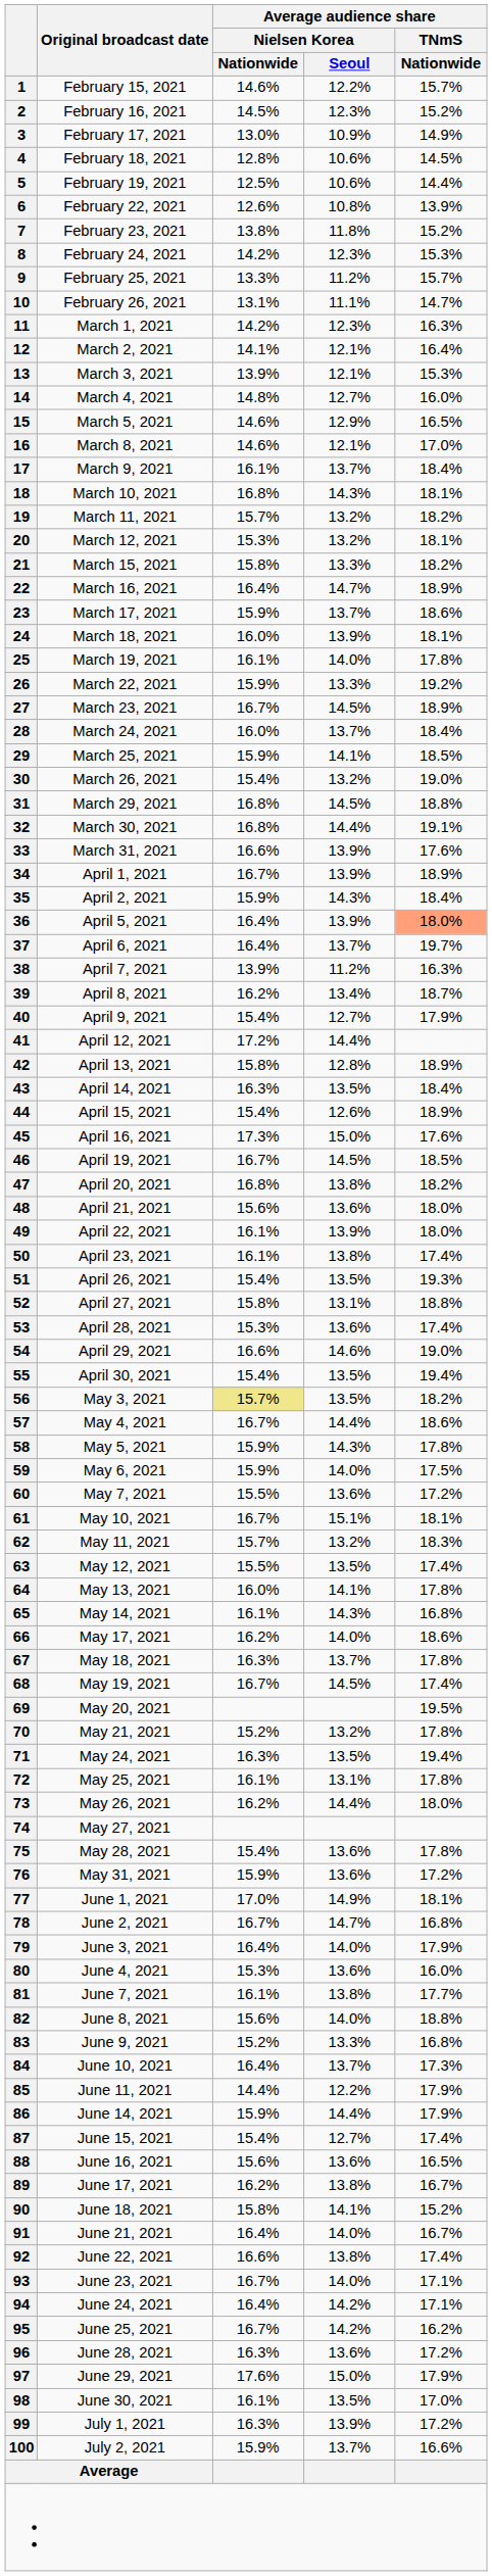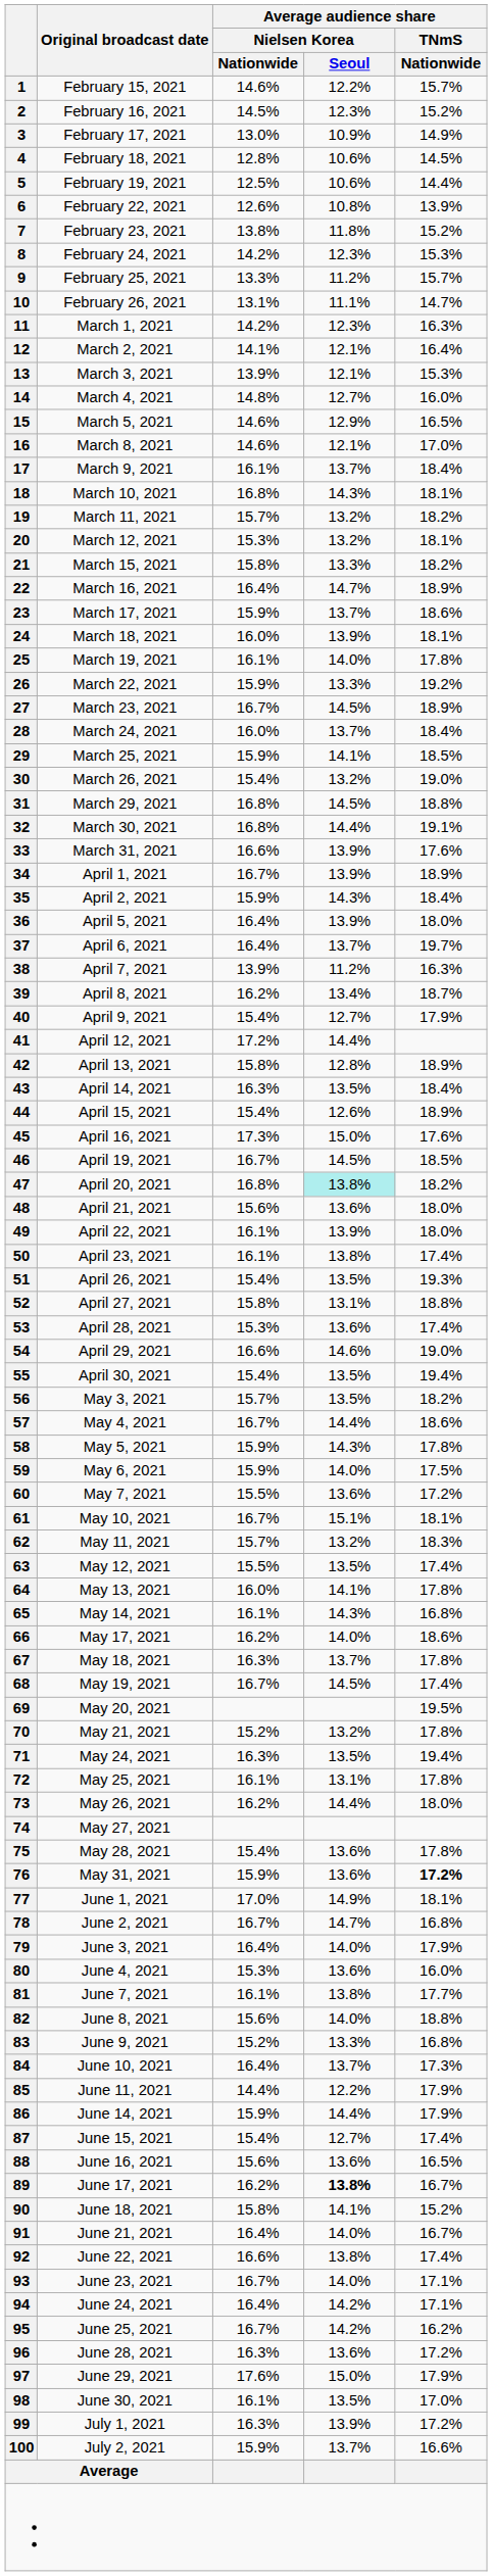 <table class="wikitable" style="text-align:center;max-width:550px; margin-left: auto; margin-right: auto; border: none;">
 <tr>
 <th rowspan="3"></th>
 <th rowspan="3">Original broadcast date</th>
 <th colspan="3">Average audience share</th>
 </tr>
 <tr>
 <th colspan="2">Nielsen Korea</th>
 <th>TNmS</th>
 </tr>
 <tr>
 <th width="90">Nationwide</th>
 <th width="90"><a href='#'>Seoul</a></th>
 <th width="90">Nationwide</th>
 </tr>
 <tr>
 <th>1</th>
 <td>February 15, 2021</td>
 <td>14.6%</td>
 <td>12.2%</td>
 <td>15.7%</td>
 </tr>
 <tr>
 <th>2</th>
 <td>February 16, 2021</td>
 <td>14.5%</td>
 <td>12.3%</td>
 <td>15.2%</td>
 </tr>
 <tr>
 <th>3</th>
 <td>February 17, 2021</td>
 <td>13.0%</td>
 <td>10.9%</td>
 <td>14.9%</td>
 </tr>
 <tr>
 <th>4</th>
 <td>February 18, 2021</td>
 <td>12.8%</td>
 <td>10.6%</td>
 <td>14.5%</td>
 </tr>
 <tr>
 <th>5</th>
 <td>February 19, 2021</td>
 <td>12.5%</td>
 <td>10.6%</td>
 <td>14.4%</td>
 </tr>
 <tr>
 <th>6</th>
 <td>February 22, 2021</td>
 <td>12.6%</td>
 <td>10.8%</td>
 <td>13.9%</td>
 </tr>
 <tr>
 <th>7</th>
 <td>February 23, 2021</td>
 <td>13.8%</td>
 <td>11.8%</td>
 <td>15.2%</td>
 </tr>
 <tr>
 <th>8</th>
 <td>February 24, 2021</td>
 <td>14.2%</td>
 <td>12.3%</td>
 <td>15.3%</td>
 </tr>
 <tr>
 <th>9</th>
 <td>February 25, 2021</td>
 <td>13.3%</td>
 <td>11.2%</td>
 <td>15.7%</td>
 </tr>
 <tr>
 <th>10</th>
 <td>February 26, 2021</td>
 <td>13.1%</td>
 <td>11.1%</td>
 <td>14.7%</td>
 </tr>
 <tr>
 <th>11</th>
 <td>March 1, 2021</td>
 <td>14.2%</td>
 <td>12.3%</td>
 <td>16.3%</td>
 </tr>
 <tr>
 <th>12</th>
 <td>March 2, 2021</td>
 <td>14.1%</td>
 <td>12.1%</td>
 <td>16.4%</td>
 </tr>
 <tr>
 <th>13</th>
 <td>March 3, 2021</td>
 <td>13.9%</td>
 <td>12.1%</td>
 <td>15.3%</td>
 </tr>
 <tr>
 <th>14</th>
 <td>March 4, 2021</td>
 <td>14.8%</td>
 <td>12.7%</td>
 <td>16.0%</td>
 </tr>
 <tr>
 <th>15</th>
 <td>March 5, 2021</td>
 <td>14.6%</td>
 <td>12.9%</td>
 <td>16.5%</td>
 </tr>
 <tr>
 <th>16</th>
 <td>March 8, 2021</td>
 <td>14.6%</td>
 <td>12.1%</td>
 <td>17.0%</td>
 </tr>
 <tr>
 <th>17</th>
 <td>March 9, 2021</td>
 <td>16.1%</td>
 <td>13.7%</td>
 <td>18.4%</td>
 </tr>
 <tr>
 <th>18</th>
 <td>March 10, 2021</td>
 <td>16.8%</td>
 <td>14.3%</td>
 <td>18.1%</td>
 </tr>
 <tr>
 <th>19</th>
 <td>March 11, 2021</td>
 <td>15.7%</td>
 <td>13.2%</td>
 <td>18.2%</td>
 </tr>
 <tr>
 <th>20</th>
 <td>March 12, 2021</td>
 <td>15.3%</td>
 <td>13.2%</td>
 <td>18.1%</td>
 </tr>
 <tr>
 <th>21</th>
 <td>March 15, 2021</td>
 <td>15.8%</td>
 <td>13.3%</td>
 <td>18.2%</td>
 </tr>
 <tr>
 <th>22</th>
 <td>March 16, 2021</td>
 <td>16.4%</td>
 <td>14.7%</td>
 <td>18.9%</td>
 </tr>
 <tr>
 <th>23</th>
 <td>March 17, 2021</td>
 <td>15.9%</td>
 <td>13.7%</td>
 <td>18.6%</td>
 </tr>
 <tr>
 <th>24</th>
 <td>March 18, 2021</td>
 <td>16.0%</td>
 <td>13.9%</td>
 <td>18.1%</td>
 </tr>
 <tr>
 <th>25</th>
 <td>March 19, 2021</td>
 <td>16.1%</td>
 <td>14.0%</td>
 <td>17.8%</td>
 </tr>
 <tr>
 <th>26</th>
 <td>March 22, 2021</td>
 <td>15.9%</td>
 <td>13.3%</td>
 <td>19.2%</td>
 </tr>
 <tr>
 <th>27</th>
 <td>March 23, 2021</td>
 <td>16.7%</td>
 <td>14.5%</td>
 <td>18.9%</td>
 </tr>
 <tr>
 <th>28</th>
 <td>March 24, 2021</td>
 <td>16.0%</td>
 <td>13.7%</td>
 <td>18.4%</td>
 </tr>
 <tr>
 <th>29</th>
 <td>March 25, 2021</td>
 <td>15.9%</td>
 <td>14.1%</td>
 <td>18.5%</td>
 </tr>
 <tr>
 <th>30</th>
 <td>March 26, 2021</td>
 <td>15.4%</td>
 <td>13.2%</td>
 <td>19.0%</td>
 </tr>
 <tr>
 <th>31</th>
 <td>March 29, 2021</td>
 <td>16.8%</td>
 <td>14.5%</td>
 <td>18.8%</td>
 </tr>
 <tr>
 <th>32</th>
 <td>March 30, 2021</td>
 <td>16.8%</td>
 <td>14.4%</td>
 <td>19.1%</td>
 </tr>
 <tr>
 <th>33</th>
 <td>March 31, 2021</td>
 <td>16.6%</td>
 <td>13.9%</td>
 <td>17.6%</td>
 </tr>
 <tr>
 <th>34</th>
 <td>April 1, 2021</td>
 <td>16.7%</td>
 <td>13.9%</td>
 <td>18.9%</td>
 </tr>
 <tr>
 <th>35</th>
 <td>April 2, 2021</td>
 <td>15.9%</td>
 <td>14.3%</td>
 <td>18.4%</td>
 </tr>
 <tr>
 <th>36</th>
 <td>April 5, 2021</td>
 <td>16.4%</td>
 <td>13.9%</td>
-<td style="background: lightsalmon;">18.0%</td>
+<td>18.0%</td>
 </tr>
 <tr>
 <th>37</th>
 <td>April 6, 2021</td>
 <td>16.4%</td>
 <td>13.7%</td>
 <td>19.7%</td>
 </tr>
 <tr>
 <th>38</th>
 <td>April 7, 2021</td>
 <td>13.9%</td>
 <td>11.2%</td>
 <td>16.3%</td>
 </tr>
 <tr>
 <th>39</th>
 <td>April 8, 2021</td>
 <td>16.2%</td>
 <td>13.4%</td>
 <td>18.7%</td>
 </tr>
 <tr>
 <th>40</th>
 <td>April 9, 2021</td>
 <td>15.4%</td>
 <td>12.7%</td>
 <td>17.9%</td>
 </tr>
 <tr>
 <th>41</th>
 <td>April 12, 2021</td>
 <td>17.2%</td>
 <td>14.4%</td>
 <td></td>
 </tr>
 <tr>
 <th>42</th>
 <td>April 13, 2021</td>
 <td>15.8%</td>
 <td>12.8%</td>
 <td>18.9%</td>
 </tr>
 <tr>
 <th>43</th>
 <td>April 14, 2021</td>
 <td>16.3%</td>
 <td>13.5%</td>
 <td>18.4%</td>
 </tr>
 <tr>
 <th>44</th>
 <td>April 15, 2021</td>
 <td>15.4%</td>
 <td>12.6%</td>
 <td>18.9%</td>
 </tr>
 <tr>
 <th>45</th>
 <td>April 16, 2021</td>
 <td>17.3%</td>
 <td>15.0%</td>
 <td>17.6%</td>
 </tr>
 <tr>
 <th>46</th>
 <td>April 19, 2021</td>
 <td>16.7%</td>
 <td>14.5%</td>
 <td>18.5%</td>
 </tr>
 <tr>
 <th>47</th>
 <td>April 20, 2021</td>
 <td>16.8%</td>
-<td>13.8%</td>
+<td style="background: paleturquoise;">13.8%</td>
 <td>18.2%</td>
 </tr>
 <tr>
 <th>48</th>
 <td>April 21, 2021</td>
 <td>15.6%</td>
 <td>13.6%</td>
 <td>18.0%</td>
 </tr>
 <tr>
 <th>49</th>
 <td>April 22, 2021</td>
 <td>16.1%</td>
 <td>13.9%</td>
 <td>18.0%</td>
 </tr>
 <tr>
 <th>50</th>
 <td>April 23, 2021</td>
 <td>16.1%</td>
 <td>13.8%</td>
 <td>17.4%</td>
 </tr>
 <tr>
 <th>51</th>
 <td>April 26, 2021</td>
 <td>15.4%</td>
 <td>13.5%</td>
 <td>19.3%</td>
 </tr>
 <tr>
 <th>52</th>
 <td>April 27, 2021</td>
 <td>15.8%</td>
 <td>13.1%</td>
 <td>18.8%</td>
 </tr>
 <tr>
 <th>53</th>
 <td>April 28, 2021</td>
 <td>15.3%</td>
 <td>13.6%</td>
 <td>17.4%</td>
 </tr>
 <tr>
 <th>54</th>
 <td>April 29, 2021</td>
 <td>16.6%</td>
 <td>14.6%</td>
 <td>19.0%</td>
 </tr>
 <tr>
 <th>55</th>
 <td>April 30, 2021</td>
 <td>15.4%</td>
 <td>13.5%</td>
 <td>19.4%</td>
 </tr>
 <tr>
 <th>56</th>
 <td>May 3, 2021</td>
-<td style="background: khaki;">15.7%</td>
+<td>15.7%</td>
 <td>13.5%</td>
 <td>18.2%</td>
 </tr>
 <tr>
 <th>57</th>
 <td>May 4, 2021</td>
 <td>16.7%</td>
 <td>14.4%</td>
 <td>18.6%</td>
 </tr>
 <tr>
 <th>58</th>
 <td>May 5, 2021</td>
 <td>15.9%</td>
 <td>14.3%</td>
 <td>17.8%</td>
 </tr>
 <tr>
 <th>59</th>
 <td>May 6, 2021</td>
 <td>15.9%</td>
 <td>14.0%</td>
 <td>17.5%</td>
 </tr>
 <tr>
 <th>60</th>
 <td>May 7, 2021</td>
 <td>15.5%</td>
 <td>13.6%</td>
 <td>17.2%</td>
 </tr>
 <tr>
 <th>61</th>
 <td>May 10, 2021</td>
 <td>16.7%</td>
 <td>15.1%</td>
 <td>18.1%</td>
 </tr>
 <tr>
 <th>62</th>
 <td>May 11, 2021</td>
 <td>15.7%</td>
 <td>13.2%</td>
 <td>18.3%</td>
 </tr>
 <tr>
 <th>63</th>
 <td>May 12, 2021</td>
 <td>15.5%</td>
 <td>13.5%</td>
 <td>17.4%</td>
 </tr>
 <tr>
 <th>64</th>
 <td>May 13, 2021</td>
 <td>16.0%</td>
 <td>14.1%</td>
 <td>17.8%</td>
 </tr>
 <tr>
 <th>65</th>
 <td>May 14, 2021</td>
 <td>16.1%</td>
 <td>14.3%</td>
 <td>16.8%</td>
 </tr>
 <tr>
 <th>66</th>
 <td>May 17, 2021</td>
 <td>16.2%</td>
 <td>14.0%</td>
 <td>18.6%</td>
 </tr>
 <tr>
 <th>67</th>
 <td>May 18, 2021</td>
 <td>16.3%</td>
 <td>13.7%</td>
 <td>17.8%</td>
 </tr>
 <tr>
 <th>68</th>
 <td>May 19, 2021</td>
 <td>16.7%</td>
 <td>14.5%</td>
 <td>17.4%</td>
 </tr>
 <tr>
 <th>69</th>
 <td>May 20, 2021</td>
 <td></td>
 <td></td>
 <td>19.5%</td>
 </tr>
 <tr>
 <th>70</th>
 <td>May 21, 2021</td>
 <td>15.2%</td>
 <td>13.2%</td>
 <td>17.8%</td>
 </tr>
 <tr>
 <th>71</th>
 <td>May 24, 2021</td>
 <td>16.3%</td>
 <td>13.5%</td>
 <td>19.4%</td>
 </tr>
 <tr>
 <th>72</th>
 <td>May 25, 2021</td>
 <td>16.1%</td>
 <td>13.1%</td>
 <td>17.8%</td>
 </tr>
 <tr>
 <th>73</th>
 <td>May 26, 2021</td>
 <td>16.2%</td>
 <td>14.4%</td>
 <td>18.0%</td>
 </tr>
 <tr>
 <th>74</th>
 <td>May 27, 2021</td>
 <td></td>
 <td></td>
 <td></td>
 </tr>
 <tr>
 <th>75</th>
 <td>May 28, 2021</td>
 <td>15.4%</td>
 <td>13.6%</td>
 <td>17.8%</td>
 </tr>
 <tr>
 <th>76</th>
 <td>May 31, 2021</td>
 <td>15.9%</td>
 <td>13.6%</td>
-<td>17.2%</td>
+<td><strong>17.2%</strong></td>
 </tr>
 <tr>
 <th>77</th>
 <td>June 1, 2021</td>
 <td>17.0%</td>
 <td>14.9%</td>
 <td>18.1%</td>
 </tr>
 <tr>
 <th>78</th>
 <td>June 2, 2021</td>
 <td>16.7%</td>
 <td>14.7%</td>
 <td>16.8%</td>
 </tr>
 <tr>
 <th>79</th>
 <td>June 3, 2021</td>
 <td>16.4%</td>
 <td>14.0%</td>
 <td>17.9%</td>
 </tr>
 <tr>
 <th>80</th>
 <td>June 4, 2021</td>
 <td>15.3%</td>
 <td>13.6%</td>
 <td>16.0%</td>
 </tr>
 <tr>
 <th>81</th>
 <td>June 7, 2021</td>
 <td>16.1%</td>
 <td>13.8%</td>
 <td>17.7%</td>
 </tr>
 <tr>
 <th>82</th>
 <td>June 8, 2021</td>
 <td>15.6%</td>
 <td>14.0%</td>
 <td>18.8%</td>
 </tr>
 <tr>
 <th>83</th>
 <td>June 9, 2021</td>
 <td>15.2%</td>
 <td>13.3%</td>
 <td>16.8%</td>
 </tr>
 <tr>
 <th>84</th>
 <td>June 10, 2021</td>
 <td>16.4%</td>
 <td>13.7%</td>
 <td>17.3%</td>
 </tr>
 <tr>
 <th>85</th>
 <td>June 11, 2021</td>
 <td>14.4%</td>
 <td>12.2%</td>
 <td>17.9%</td>
 </tr>
 <tr>
 <th>86</th>
 <td>June 14, 2021</td>
 <td>15.9%</td>
 <td>14.4%</td>
 <td>17.9%</td>
 </tr>
 <tr>
 <th>87</th>
 <td>June 15, 2021</td>
 <td>15.4%</td>
 <td>12.7%</td>
 <td>17.4%</td>
 </tr>
 <tr>
 <th>88</th>
 <td>June 16, 2021</td>
 <td>15.6%</td>
 <td>13.6%</td>
 <td>16.5%</td>
 </tr>
 <tr>
 <th>89</th>
 <td>June 17, 2021</td>
 <td>16.2%</td>
-<td>13.8%</td>
+<td><strong>13.8%</strong></td>
 <td>16.7%</td>
 </tr>
 <tr>
 <th>90</th>
 <td>June 18, 2021</td>
 <td>15.8%</td>
 <td>14.1%</td>
 <td>15.2%</td>
 </tr>
 <tr>
 <th>91</th>
 <td>June 21, 2021</td>
 <td>16.4%</td>
 <td>14.0%</td>
 <td>16.7%</td>
 </tr>
 <tr>
 <th>92</th>
 <td>June 22, 2021</td>
 <td>16.6%</td>
 <td>13.8%</td>
 <td>17.4%</td>
 </tr>
 <tr>
 <th>93</th>
 <td>June 23, 2021</td>
 <td>16.7%</td>
 <td>14.0%</td>
 <td>17.1%</td>
 </tr>
 <tr>
 <th>94</th>
 <td>June 24, 2021</td>
 <td>16.4%</td>
 <td>14.2%</td>
 <td>17.1%</td>
 </tr>
 <tr>
 <th>95</th>
 <td>June 25, 2021</td>
 <td>16.7%</td>
 <td>14.2%</td>
 <td>16.2%</td>
 </tr>
 <tr>
 <th>96</th>
 <td>June 28, 2021</td>
 <td>16.3%</td>
 <td>13.6%</td>
 <td>17.2%</td>
 </tr>
 <tr>
 <th>97</th>
 <td>June 29, 2021</td>
 <td>17.6%</td>
 <td>15.0%</td>
 <td>17.9%</td>
 </tr>
 <tr>
 <th>98</th>
 <td>June 30, 2021</td>
 <td>16.1%</td>
 <td>13.5%</td>
 <td>17.0%</td>
 </tr>
 <tr>
 <th>99</th>
 <td>July 1, 2021</td>
 <td>16.3%</td>
 <td>13.9%</td>
 <td>17.2%</td>
 </tr>
 <tr>
 <th>100</th>
 <td>July 2, 2021</td>
 <td>15.9%</td>
 <td>13.7%</td>
 <td>16.6%</td>
 </tr>
 <tr>
 <th colspan="2">Average</th>
 <th></th>
 <th></th>
 <th></th>
 </tr>
 <tr>
 <td colspan="5"><br><ul><li></li><li></li></ul></td>
 </tr>
 <tr>
 </tr>
 </table>
